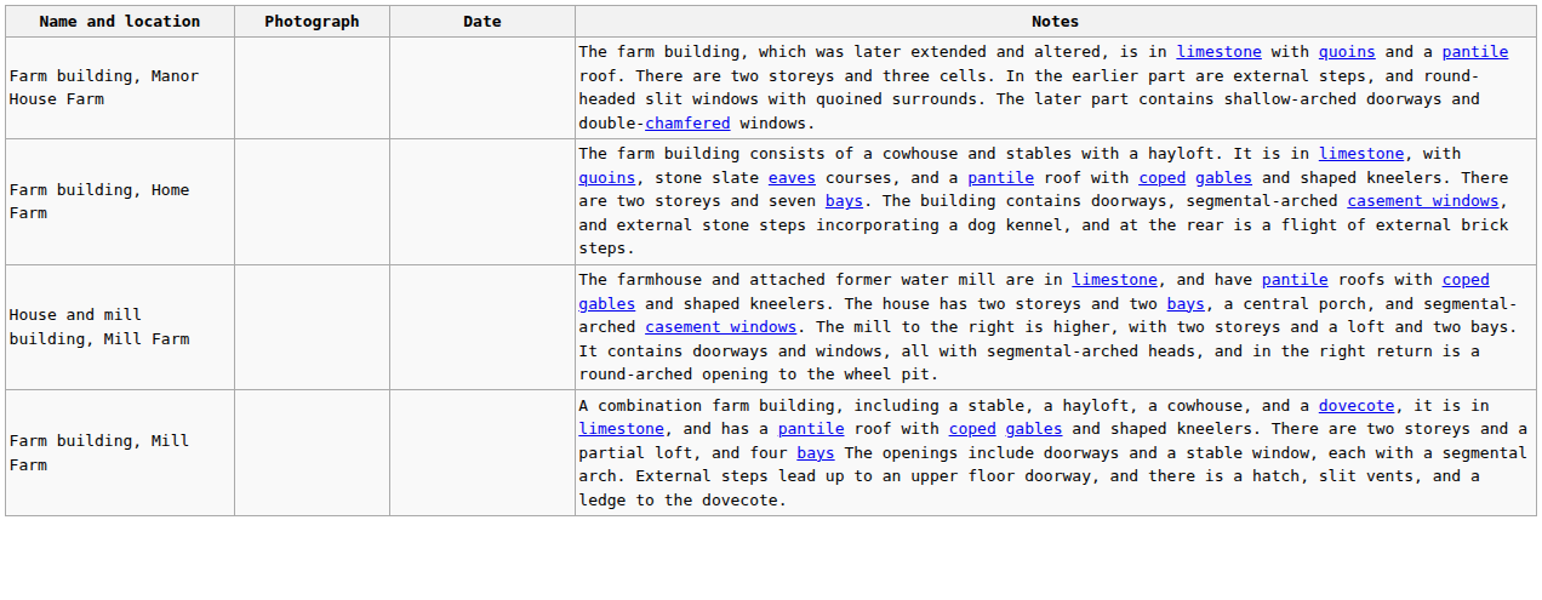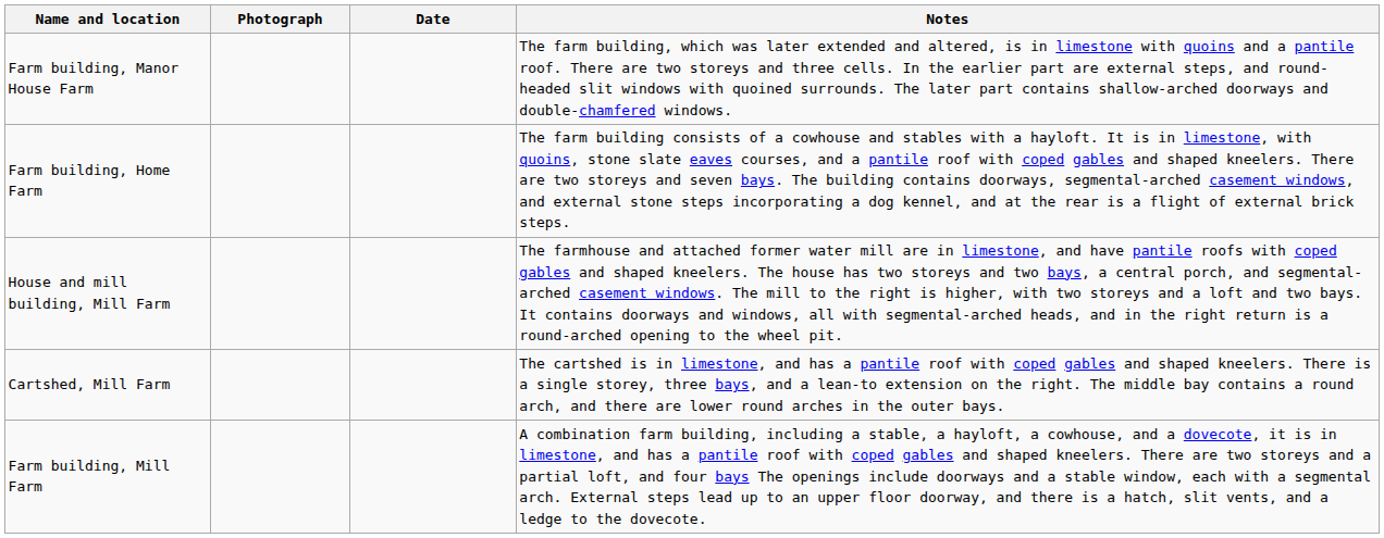 <table class="wikitable sortable plainrowheaders" style="width:100%;border:0px;text-align:left;line-height:150%;">
 <tr>
 <th scope="col"  style="width:150px">Name and location</th>
 <th scope="col"  style="width:100px" class="unsortable">Photograph</th>
 <th scope="col"  style="width:120px">Date</th>
 <th scope="col"  style="width:650px" class="unsortable">Notes</th>
 </tr>
 <tr>
 <td>Farm building, Manor House Farm<br><small></small></td>
 <td></td>
 <td align="center"></td>
 <td>The farm building, which was later extended and altered, is in <a href='#'>limestone</a> with <a href='#'>quoins</a> and a <a href='#'>pantile</a> roof.  There are two storeys and three cells.  In the earlier part are external steps, and round-headed slit windows with quoined surrounds.  The later part contains shallow-arched doorways and double-<a href='#'>chamfered</a> windows.</td>
 </tr>
 <tr>
 <td>Farm building, Home Farm<br><small></small></td>
 <td></td>
 <td align="center"></td>
 <td>The farm building consists of a cowhouse and stables with a hayloft.  It is in <a href='#'>limestone</a>, with <a href='#'>quoins</a>, stone slate <a href='#'>eaves</a> courses, and a <a href='#'>pantile</a> roof with <a href='#'>coped</a> <a href='#'>gables</a> and shaped kneelers.  There are two storeys and seven <a href='#'>bays</a>.  The building contains doorways, segmental-arched <a href='#'>casement windows</a>, and external stone steps incorporating a dog kennel, and at the rear is a flight of external brick steps.</td>
 </tr>
 <tr>
 <td>House and mill building, Mill Farm<br><small></small></td>
 <td></td>
 <td align="center"></td>
 <td>The farmhouse and attached former water mill are in <a href='#'>limestone</a>, and have <a href='#'>pantile</a> roofs with <a href='#'>coped</a> <a href='#'>gables</a> and shaped kneelers.  The house has two storeys and two <a href='#'>bays</a>, a central porch, and segmental-arched <a href='#'>casement windows</a>.  The mill to the right is higher, with two storeys and a loft and two bays. It contains doorways and windows, all with segmental-arched heads, and in the right return is a round-arched opening to the wheel pit.</td>
 </tr>
 <tr>
+<td>Cartshed, Mill Farm<br><small></small></td>
+<td></td>
+<td align="center"></td>
+<td>The cartshed is in <a href='#'>limestone</a>, and has a <a href='#'>pantile</a> roof with <a href='#'>coped</a> <a href='#'>gables</a> and shaped kneelers.  There is a single storey, three <a href='#'>bays</a>, and a lean-to extension on the right.  The middle bay contains a round arch, and there are lower round arches in the outer bays.</td>
+</tr>
+<tr>
 <td>Farm building, Mill Farm<br><small></small></td>
 <td></td>
 <td align="center"></td>
 <td>A combination farm building, including a stable, a hayloft, a cowhouse, and a <a href='#'>dovecote</a>, it is in <a href='#'>limestone</a>, and has a <a href='#'>pantile</a> roof with <a href='#'>coped</a> <a href='#'>gables</a> and shaped kneelers.  There are two storeys and a partial loft, and four <a href='#'>bays</a>  The openings include doorways and a stable window, each with a segmental arch.  External steps lead up to an upper floor doorway, and there is a hatch, slit vents, and a ledge to the dovecote.</td>
 </tr>
 <tr>
 </tr>
 </table>
